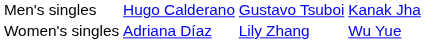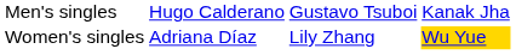 <table>
 <tr>
 <td>Men's singles <br></td>
 <td> <a href='#'>Hugo Calderano</a></td>
 <td> <a href='#'>Gustavo Tsuboi</a></td>
 <td> <a href='#'>Kanak Jha</a></td>
 </tr>
 <tr>
 <td>Women's singles <br></td>
 <td> <a href='#'>Adriana Díaz</a></td>
 <td> <a href='#'>Lily Zhang</a></td>
-<td> <a href='#'>Wu Yue</a></td>
+<td style="background: gold;"> <a href='#'>Wu Yue</a></td>
 </tr>
 <tr>
 </tr>
 </table>
